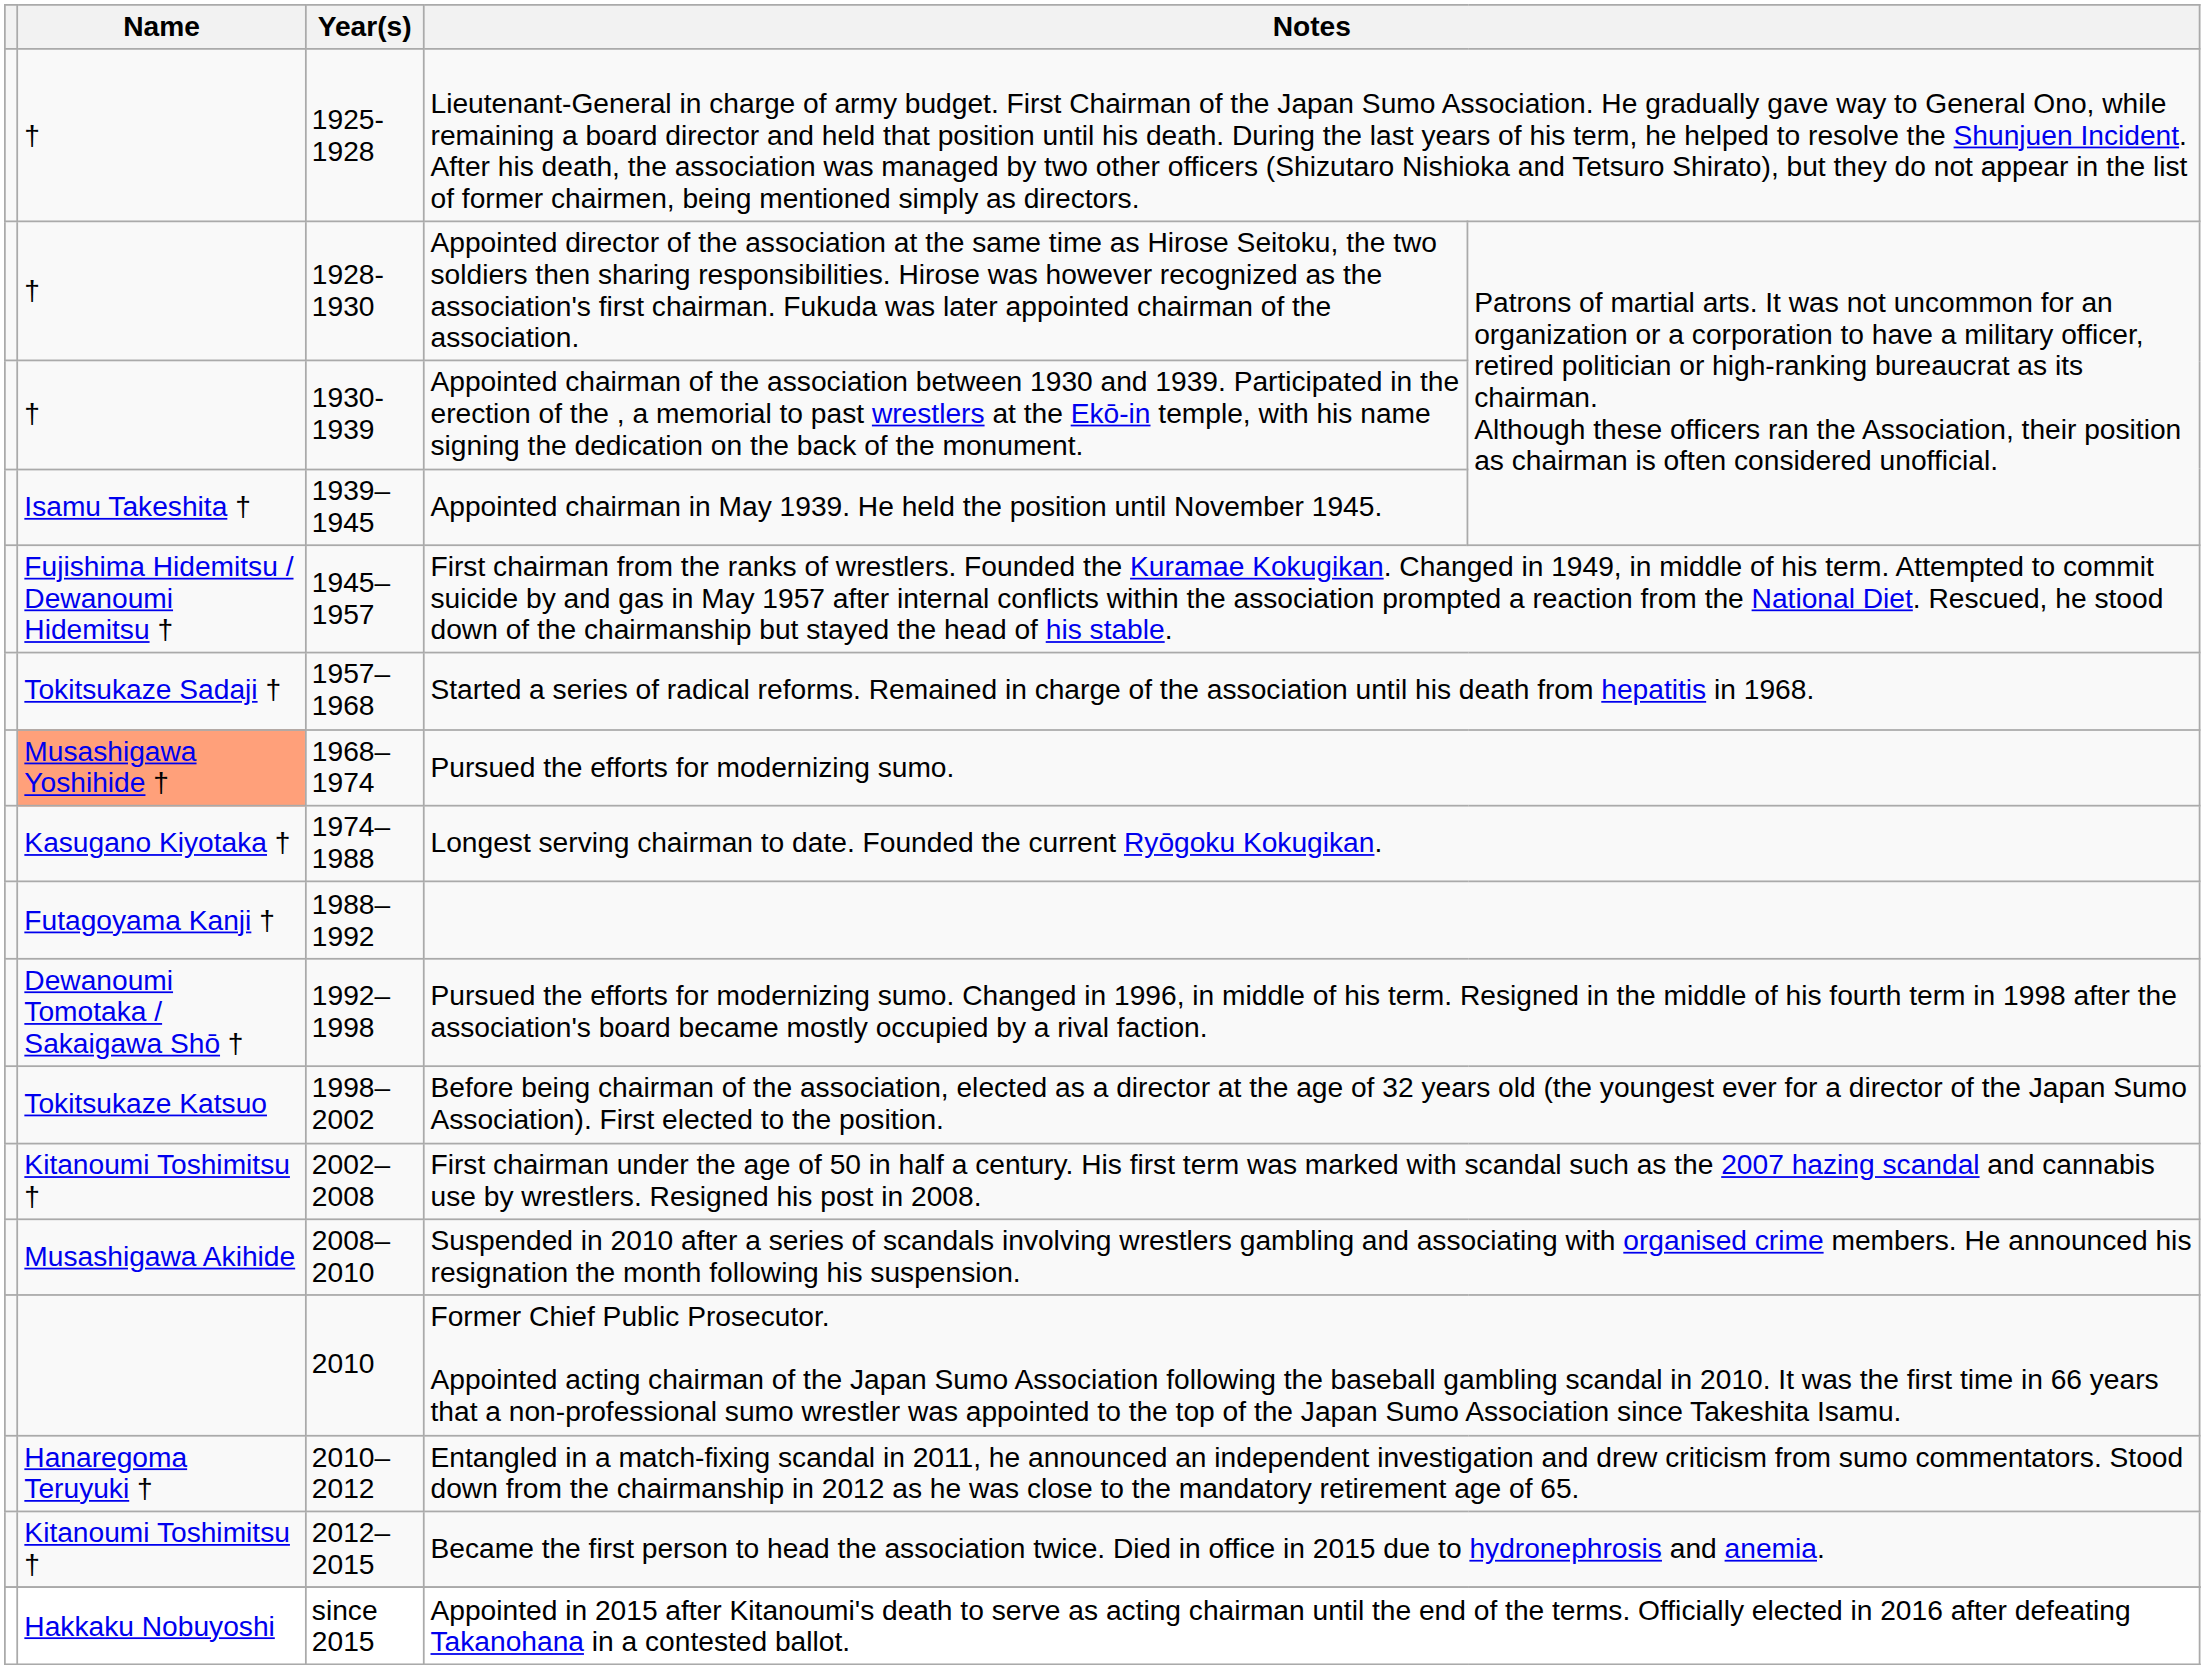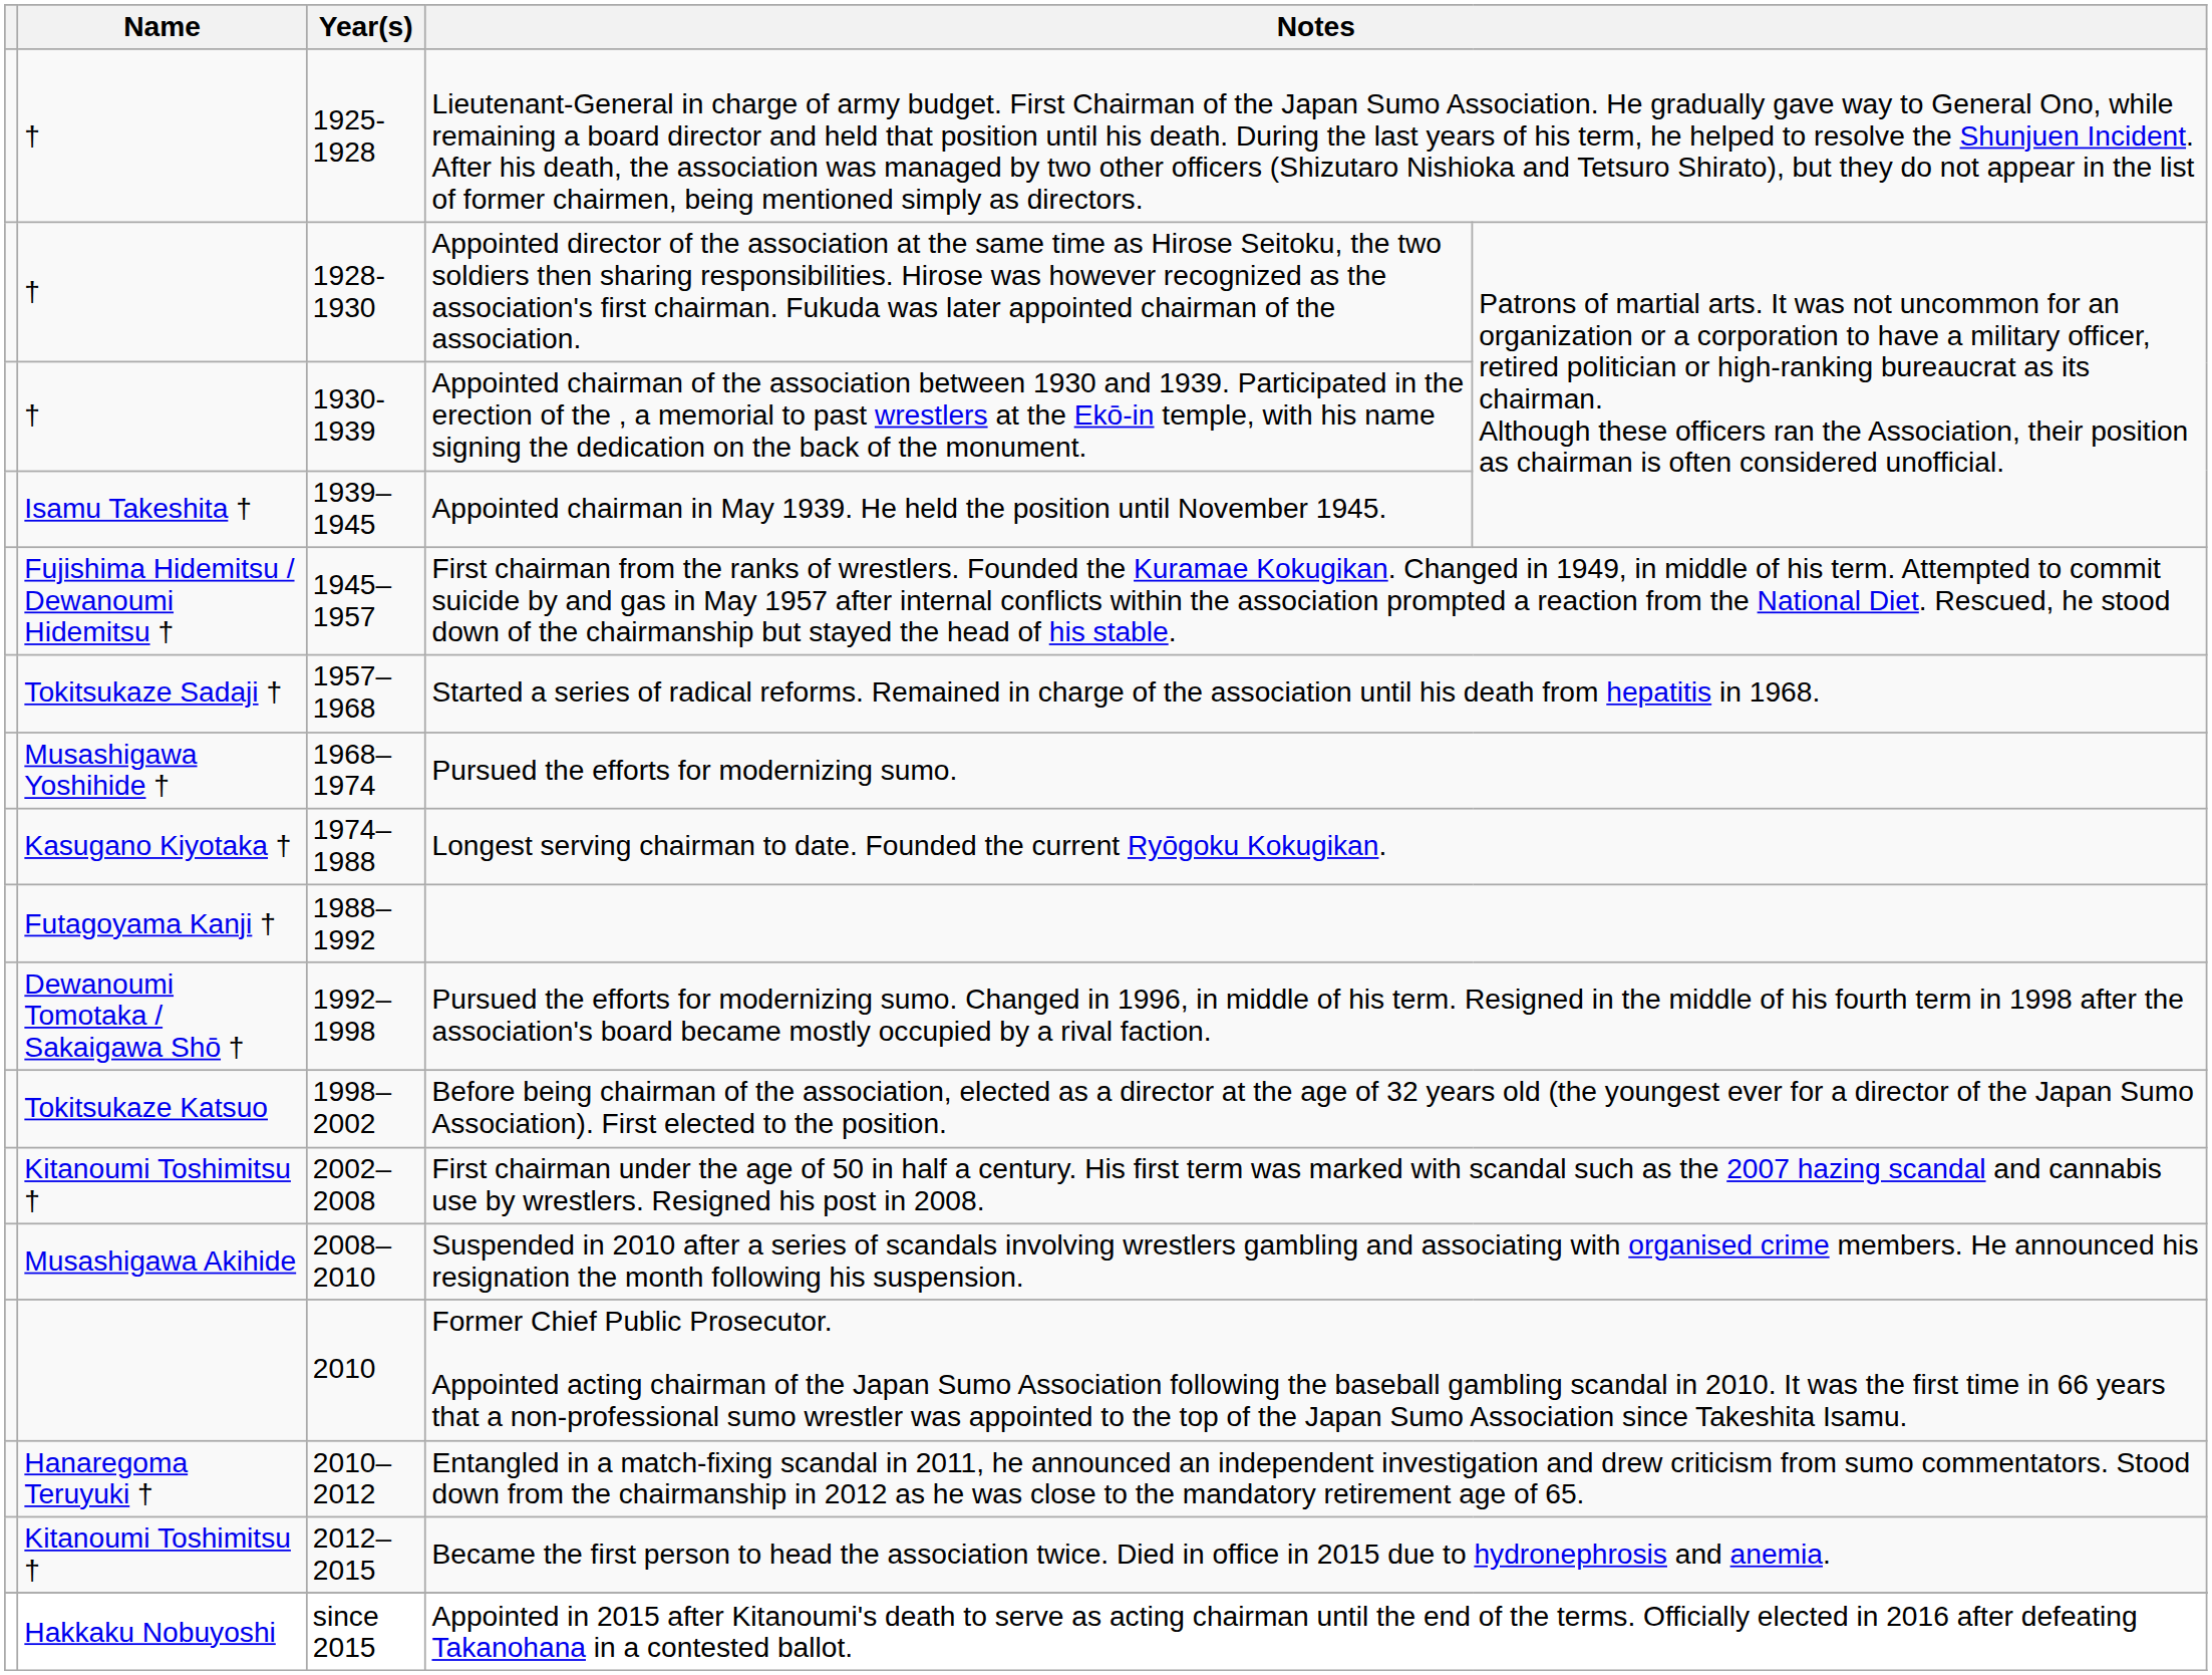 <table class="wikitable">
 <tr>
 <th></th>
 <th>Name</th>
 <th>Year(s)</th>
 <th colspan="2">Notes</th>
 </tr>
 <tr>
 <td></td>
 <td> †</td>
 <td>1925-1928</td>
 <td colspan="2"><br>Lieutenant-General in charge of army budget. First Chairman of the Japan Sumo Association. He gradually gave way to General Ono, while remaining a board director and held that position until his death. During the last years of his term, he helped to resolve the <a href='#'>Shunjuen Incident</a>. After his death, the association was managed by two other officers (Shizutaro Nishioka and Tetsuro Shirato), but they do not appear in the list of former chairmen, being mentioned simply as directors.</td>
 </tr>
 <tr>
 <td></td>
 <td> † <br> </td>
 <td>1928-1930</td>
 <td>Appointed director of the association at the same time as Hirose Seitoku, the two soldiers then sharing responsibilities. Hirose was however recognized as the association's first chairman. Fukuda was later appointed chairman of the association.</td>
 <td rowspan="3">Patrons of martial arts. It was not uncommon for an organization or a corporation to have a military officer, retired politician or high-ranking bureaucrat as its chairman.<br>Although these officers ran the Association, their position as chairman is often considered unofficial.</td>
 </tr>
 <tr>
 <td></td>
 <td> † <br> </td>
 <td>1930-1939</td>
 <td>Appointed chairman of the association between 1930 and 1939. Participated in the erection of the , a memorial to past <a href='#'>wrestlers</a> at the <a href='#'>Ekō-in</a> temple, with his name signing the dedication on the back of the monument.</td>
 </tr>
 <tr>
 <td></td>
 <td><a href='#'>Isamu Takeshita</a> † <br> </td>
 <td>1939–1945</td>
 <td>Appointed chairman in May 1939. He held the position until November 1945.</td>
 </tr>
 <tr>
 <td></td>
 <td><a href='#'>Fujishima Hidemitsu / Dewanoumi Hidemitsu</a> †</td>
 <td>1945–1957</td>
 <td colspan="2">First chairman from the ranks of wrestlers. Founded the <a href='#'>Kuramae Kokugikan</a>. Changed  in 1949, in middle of his term. Attempted to commit suicide by  and gas in May 1957 after internal conflicts within the association prompted a reaction from the <a href='#'>National Diet</a>. Rescued, he stood down of the chairmanship but stayed the head of <a href='#'>his stable</a>.</td>
 </tr>
 <tr>
 <td></td>
 <td><a href='#'>Tokitsukaze Sadaji</a> †</td>
 <td>1957–1968</td>
 <td colspan="2">Started a series of radical reforms. Remained in charge of the association until his death from <a href='#'>hepatitis</a> in 1968.</td>
 </tr>
 <tr>
 <td></td>
-<td style="background: lightsalmon;"><a href='#'>Musashigawa Yoshihide</a> †</td>
+<td><a href='#'>Musashigawa Yoshihide</a> †</td>
 <td>1968–1974</td>
 <td colspan="2">Pursued the efforts for modernizing sumo.</td>
 </tr>
 <tr>
 <td></td>
 <td><a href='#'>Kasugano Kiyotaka</a> †</td>
 <td>1974–1988</td>
 <td colspan="2">Longest serving chairman to date. Founded the current <a href='#'>Ryōgoku Kokugikan</a>.</td>
 </tr>
 <tr>
 <td></td>
 <td><a href='#'>Futagoyama Kanji</a> †</td>
 <td>1988–1992</td>
 <td colspan="2"></td>
 </tr>
 <tr>
 <td></td>
 <td><a href='#'>Dewanoumi Tomotaka / Sakaigawa Shō</a> †</td>
 <td>1992–1998</td>
 <td colspan="2">Pursued the efforts for modernizing sumo. Changed  in 1996, in middle of his term. Resigned in the middle of his fourth term in 1998 after the association's board became mostly occupied by a rival faction.</td>
 </tr>
 <tr>
 <td></td>
 <td><a href='#'>Tokitsukaze Katsuo</a></td>
 <td>1998–2002</td>
 <td colspan="2">Before being chairman of the association, elected as a director at the age of 32 years old (the youngest ever for a director of the Japan Sumo Association). First  elected to the position.</td>
 </tr>
 <tr>
 <td></td>
 <td><a href='#'>Kitanoumi Toshimitsu</a> †</td>
 <td>2002–2008</td>
 <td colspan="2">First chairman under the age of 50 in half a century. His first term was marked with scandal such as the <a href='#'>2007 hazing scandal</a> and cannabis use by wrestlers. Resigned his post in 2008.</td>
 </tr>
 <tr>
 <td></td>
 <td><a href='#'>Musashigawa Akihide</a></td>
 <td>2008–2010</td>
 <td colspan="2">Suspended in 2010 after a series of scandals involving wrestlers gambling and associating with <a href='#'>organised crime</a> members. He announced his resignation the month following his suspension.</td>
 </tr>
 <tr>
 <td></td>
 <td> <br> </td>
 <td>2010</td>
 <td colspan="2">Former Chief Public Prosecutor.<br><br>Appointed acting chairman of the Japan Sumo Association following the baseball gambling scandal in 2010. It was the first time in 66 years that a non-professional sumo wrestler was appointed to the top of the Japan Sumo Association since Takeshita Isamu.</td>
 </tr>
 <tr>
 <td></td>
 <td><a href='#'>Hanaregoma Teruyuki</a> †</td>
 <td>2010–2012</td>
 <td colspan="2">Entangled in a match-fixing scandal in 2011, he announced an independent investigation and drew criticism from sumo commentators. Stood down from the chairmanship in 2012 as he was close to the mandatory retirement age of 65.</td>
 </tr>
 <tr>
 <td></td>
 <td><a href='#'>Kitanoumi Toshimitsu</a> †</td>
 <td>2012–2015</td>
 <td colspan="2">Became the first person to head the association twice. Died in office in 2015 due to <a href='#'>hydronephrosis</a> and <a href='#'>anemia</a>.</td>
 </tr>
 <tr>
 </tr>
 <tr style="background-color:#FFFFFF">
 <td></td>
 <td><a href='#'>Hakkaku Nobuyoshi</a> <br> </td>
 <td>since 2015</td>
 <td colspan="2">Appointed in 2015 after Kitanoumi's death to serve as acting chairman until the end of the terms. Officially elected in 2016 after defeating <a href='#'>Takanohana</a> in a contested ballot.</td>
 </tr>
 <tr>
 </tr>
 </table>
